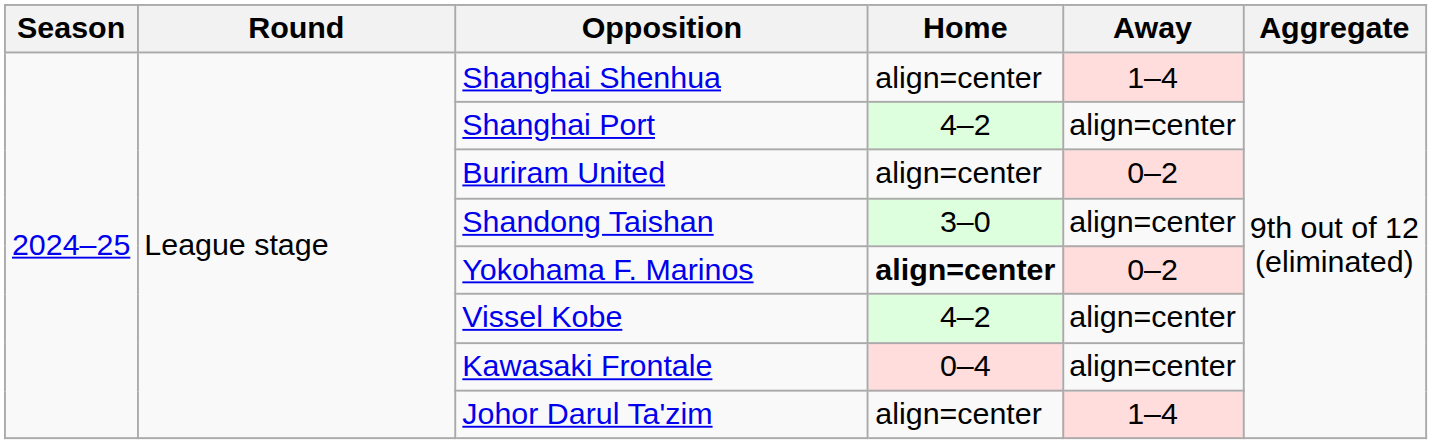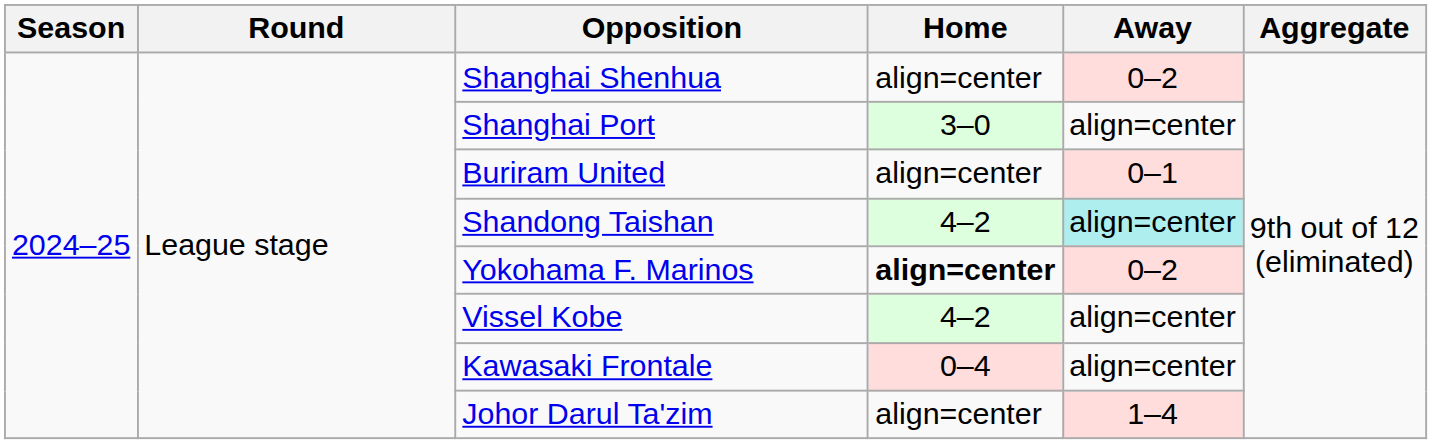 <table class="wikitable" style="text-align:left">
 <tr>
 <th>Season</th>
 <th width="160">Round</th>
 <th width="210">Opposition</th>
 <th width="70">Home</th>
 <th width="70">Away</th>
 <th>Aggregate</th>
 </tr>
 <tr>
 <td rowspan="8"><a href='#'>2024–25</a></td>
 <td rowspan="8">League stage</td>
 <td> <a href='#'>Shanghai Shenhua</a></td>
 <td>align=center </td>
-<td style="text-align:center; background:#FFDDDD;">1–4</td>
+<td style="text-align:center; background:#FFDDDD;">0–2</td>
 <td rowspan="8" style="text-align:center;">9th out of 12<br>(eliminated)</td>
 </tr>
 <tr>
 <td> <a href='#'>Shanghai Port</a></td>
-<td style="text-align:center; background:#DDFFDD;">4–2</td>
+<td style="text-align:center; background:#DDFFDD;">3–0</td>
 <td>align=center </td>
 </tr>
 <tr>
 <td> <a href='#'>Buriram United</a></td>
 <td>align=center </td>
-<td style="text-align:center; background:#FFDDDD;">0–2</td>
+<td style="text-align:center; background:#FFDDDD;">0–1</td>
 </tr>
 <tr>
 <td> <a href='#'>Shandong Taishan</a></td>
-<td style="text-align:center; background:#DDFFDD;">3–0</td>
-<td>align=center </td>
+<td style="text-align:center; background:#DDFFDD;">4–2</td>
+<td style="background: paleturquoise;">align=center </td>
 </tr>
 <tr>
 <td> <a href='#'>Yokohama F. Marinos</a></td>
 <td><strong>align=center </strong></td>
 <td style="text-align:center; background:#FFDDDD;">0–2</td>
 </tr>
 <tr>
 <td> <a href='#'>Vissel Kobe</a></td>
 <td style="text-align:center; background:#DDFFDD;">4–2</td>
 <td>align=center </td>
 </tr>
 <tr>
 <td> <a href='#'>Kawasaki Frontale</a></td>
 <td style="text-align:center; background:#FFDDDD;">0–4</td>
 <td>align=center </td>
 </tr>
 <tr>
 <td> <a href='#'>Johor Darul Ta'zim</a></td>
 <td>align=center </td>
 <td style="text-align:center; background:#FFDDDD;">1–4</td>
 </tr>
 </table>
